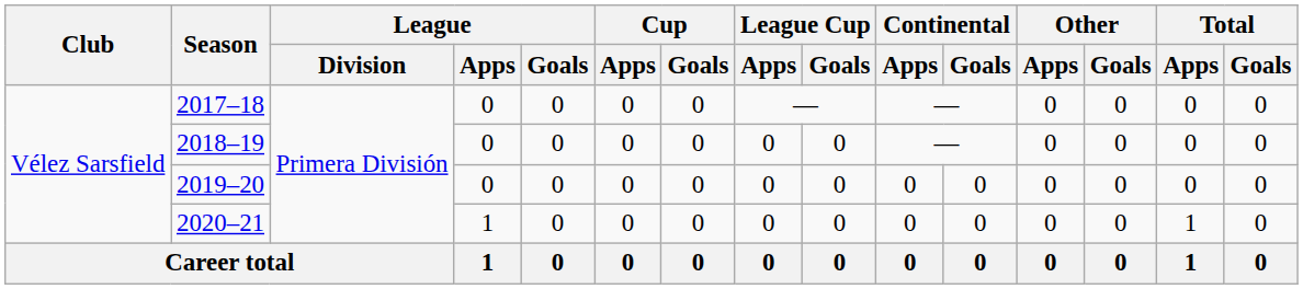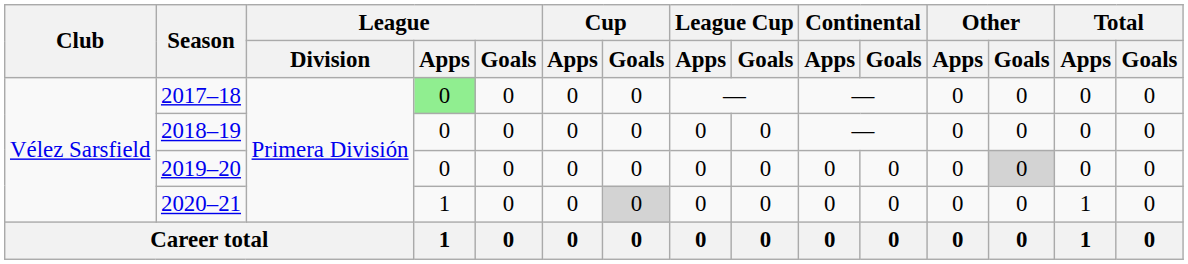 <table class="wikitable" style="text-align:center">
 <tr>
 <th rowspan="2">Club</th>
 <th rowspan="2">Season</th>
 <th colspan="3">League</th>
 <th colspan="2">Cup</th>
 <th colspan="2">League Cup</th>
 <th colspan="2">Continental</th>
 <th colspan="2">Other</th>
 <th colspan="2">Total</th>
 </tr>
 <tr>
 <th>Division</th>
 <th>Apps</th>
 <th>Goals</th>
 <th>Apps</th>
 <th>Goals</th>
 <th>Apps</th>
 <th>Goals</th>
 <th>Apps</th>
 <th>Goals</th>
 <th>Apps</th>
 <th>Goals</th>
 <th>Apps</th>
 <th>Goals</th>
 </tr>
 <tr>
 <td rowspan="4"><a href='#'>Vélez Sarsfield</a></td>
 <td><a href='#'>2017–18</a></td>
 <td rowspan="4"><a href='#'>Primera División</a></td>
-<td>0</td>
+<td style="background: lightgreen;">0</td>
 <td>0</td>
 <td>0</td>
 <td>0</td>
 <td colspan="2">—</td>
 <td colspan="2">—</td>
 <td>0</td>
 <td>0</td>
 <td>0</td>
 <td>0</td>
 </tr>
 <tr>
 <td><a href='#'>2018–19</a></td>
 <td>0</td>
 <td>0</td>
 <td>0</td>
 <td>0</td>
 <td>0</td>
 <td>0</td>
 <td colspan="2">—</td>
 <td>0</td>
 <td>0</td>
 <td>0</td>
 <td>0</td>
 </tr>
 <tr>
 <td><a href='#'>2019–20</a></td>
 <td>0</td>
 <td>0</td>
 <td>0</td>
 <td>0</td>
 <td>0</td>
 <td>0</td>
 <td>0</td>
 <td>0</td>
 <td>0</td>
-<td>0</td>
+<td style="background: lightgrey;">0</td>
 <td>0</td>
 <td>0</td>
 </tr>
 <tr>
 <td><a href='#'>2020–21</a></td>
 <td>1</td>
 <td>0</td>
 <td>0</td>
-<td>0</td>
+<td style="background: lightgrey;">0</td>
 <td>0</td>
 <td>0</td>
 <td>0</td>
 <td>0</td>
 <td>0</td>
 <td>0</td>
 <td>1</td>
 <td>0</td>
 </tr>
 <tr>
 <th colspan="3">Career total</th>
 <th>1</th>
 <th>0</th>
 <th>0</th>
 <th>0</th>
 <th>0</th>
 <th>0</th>
 <th>0</th>
 <th>0</th>
 <th>0</th>
 <th>0</th>
 <th>1</th>
 <th>0</th>
 </tr>
 </table>
